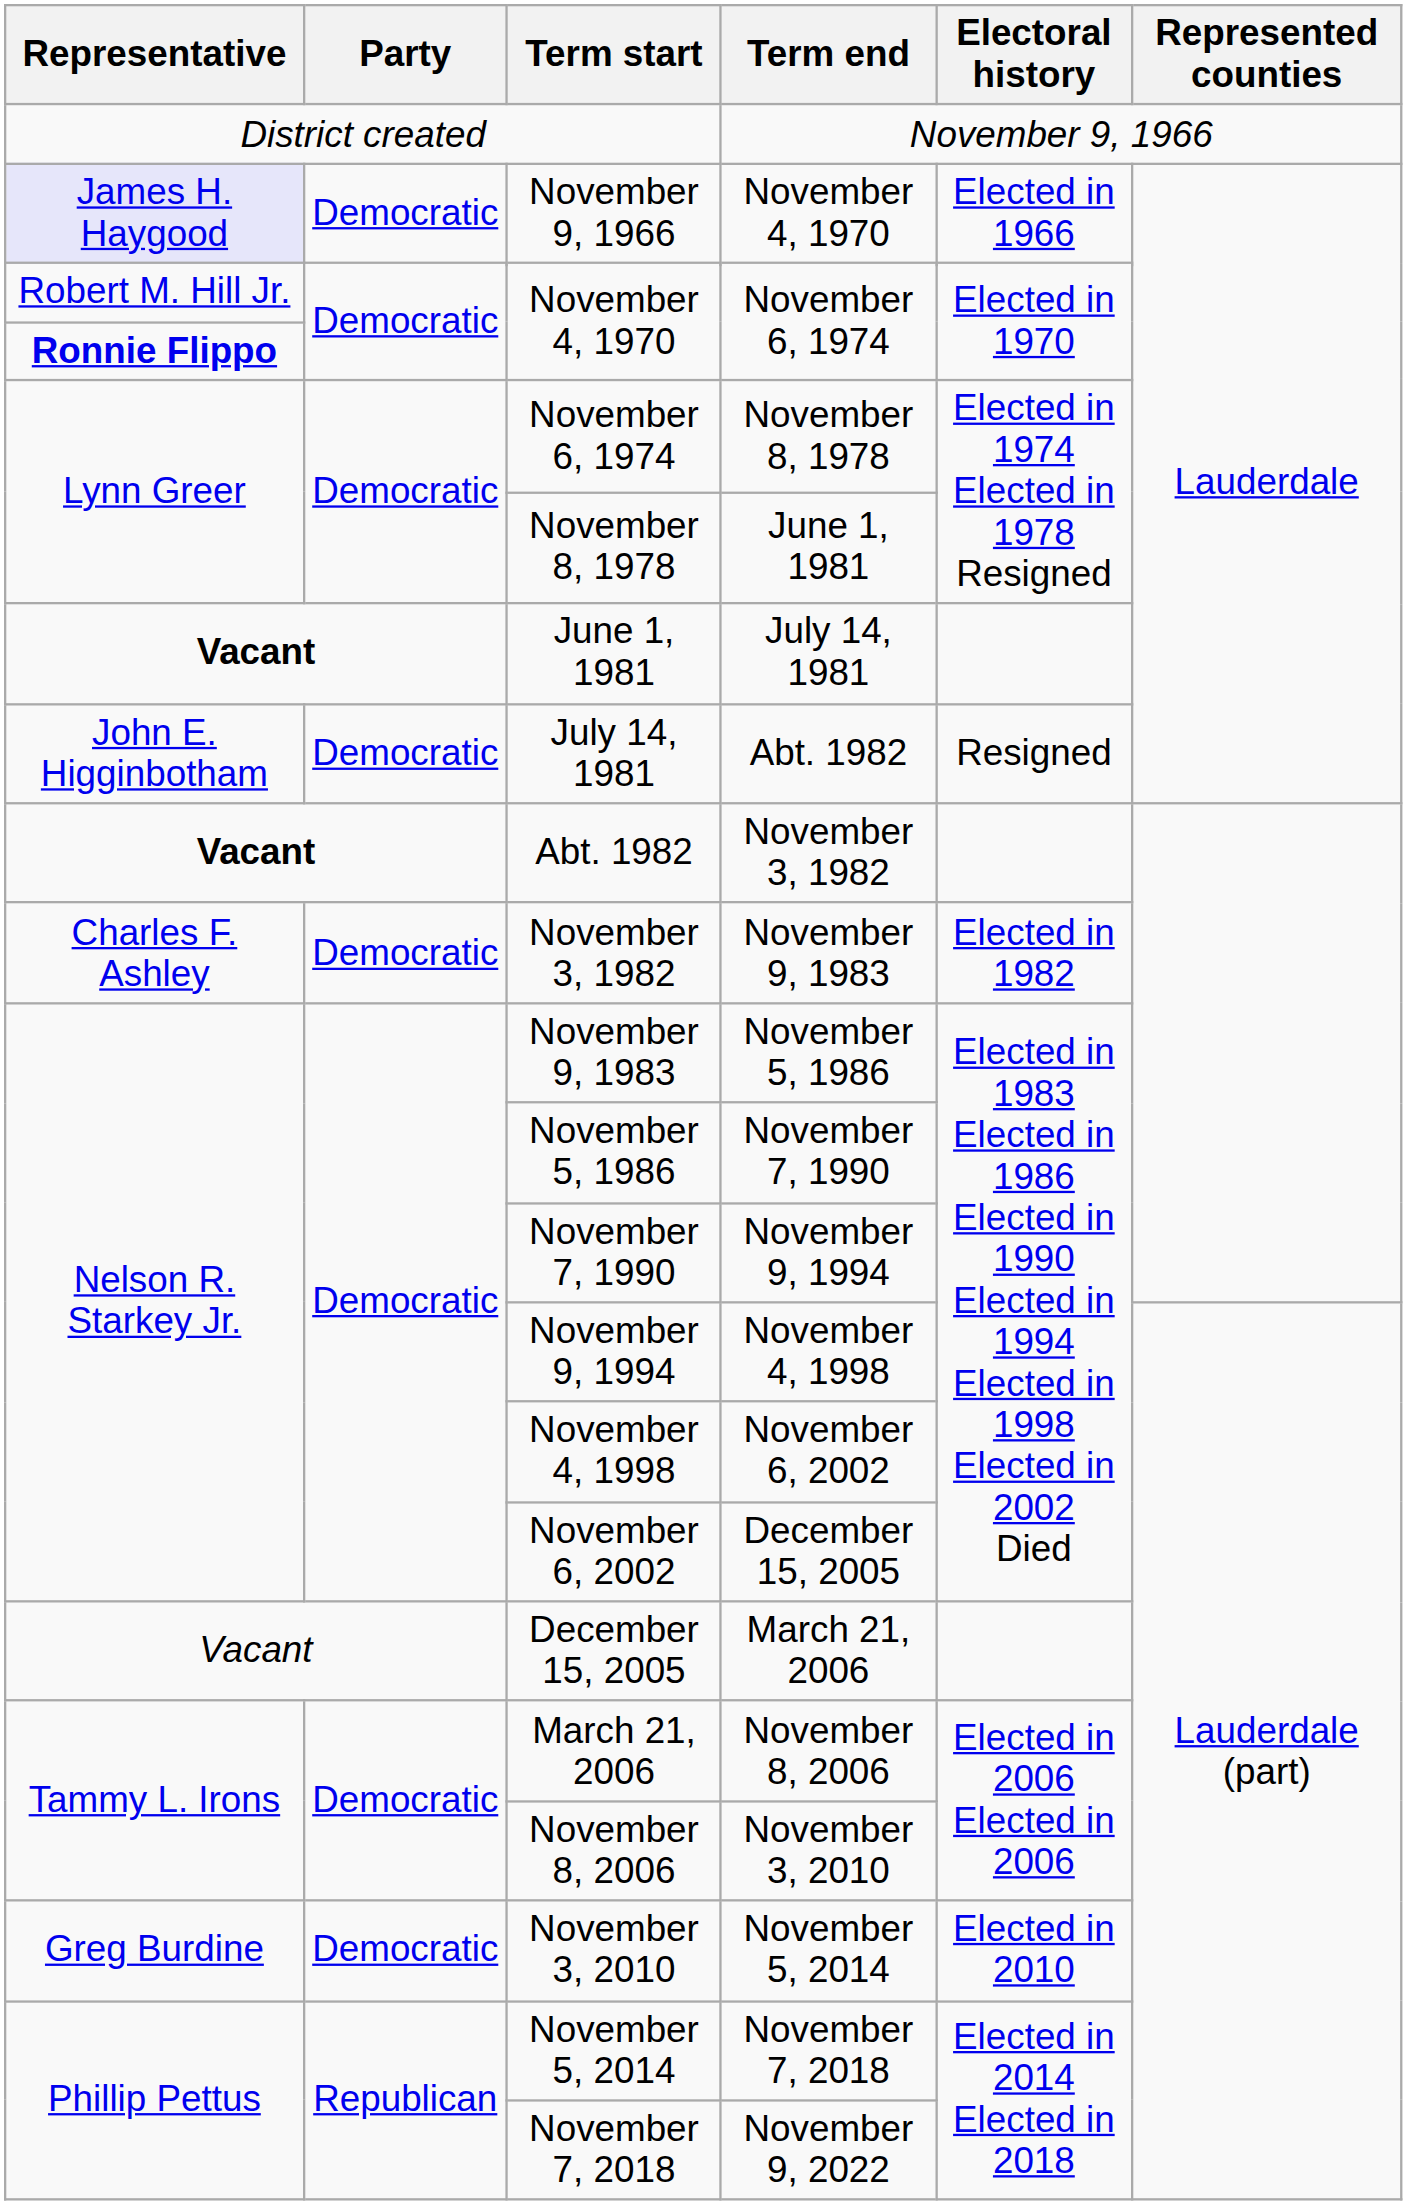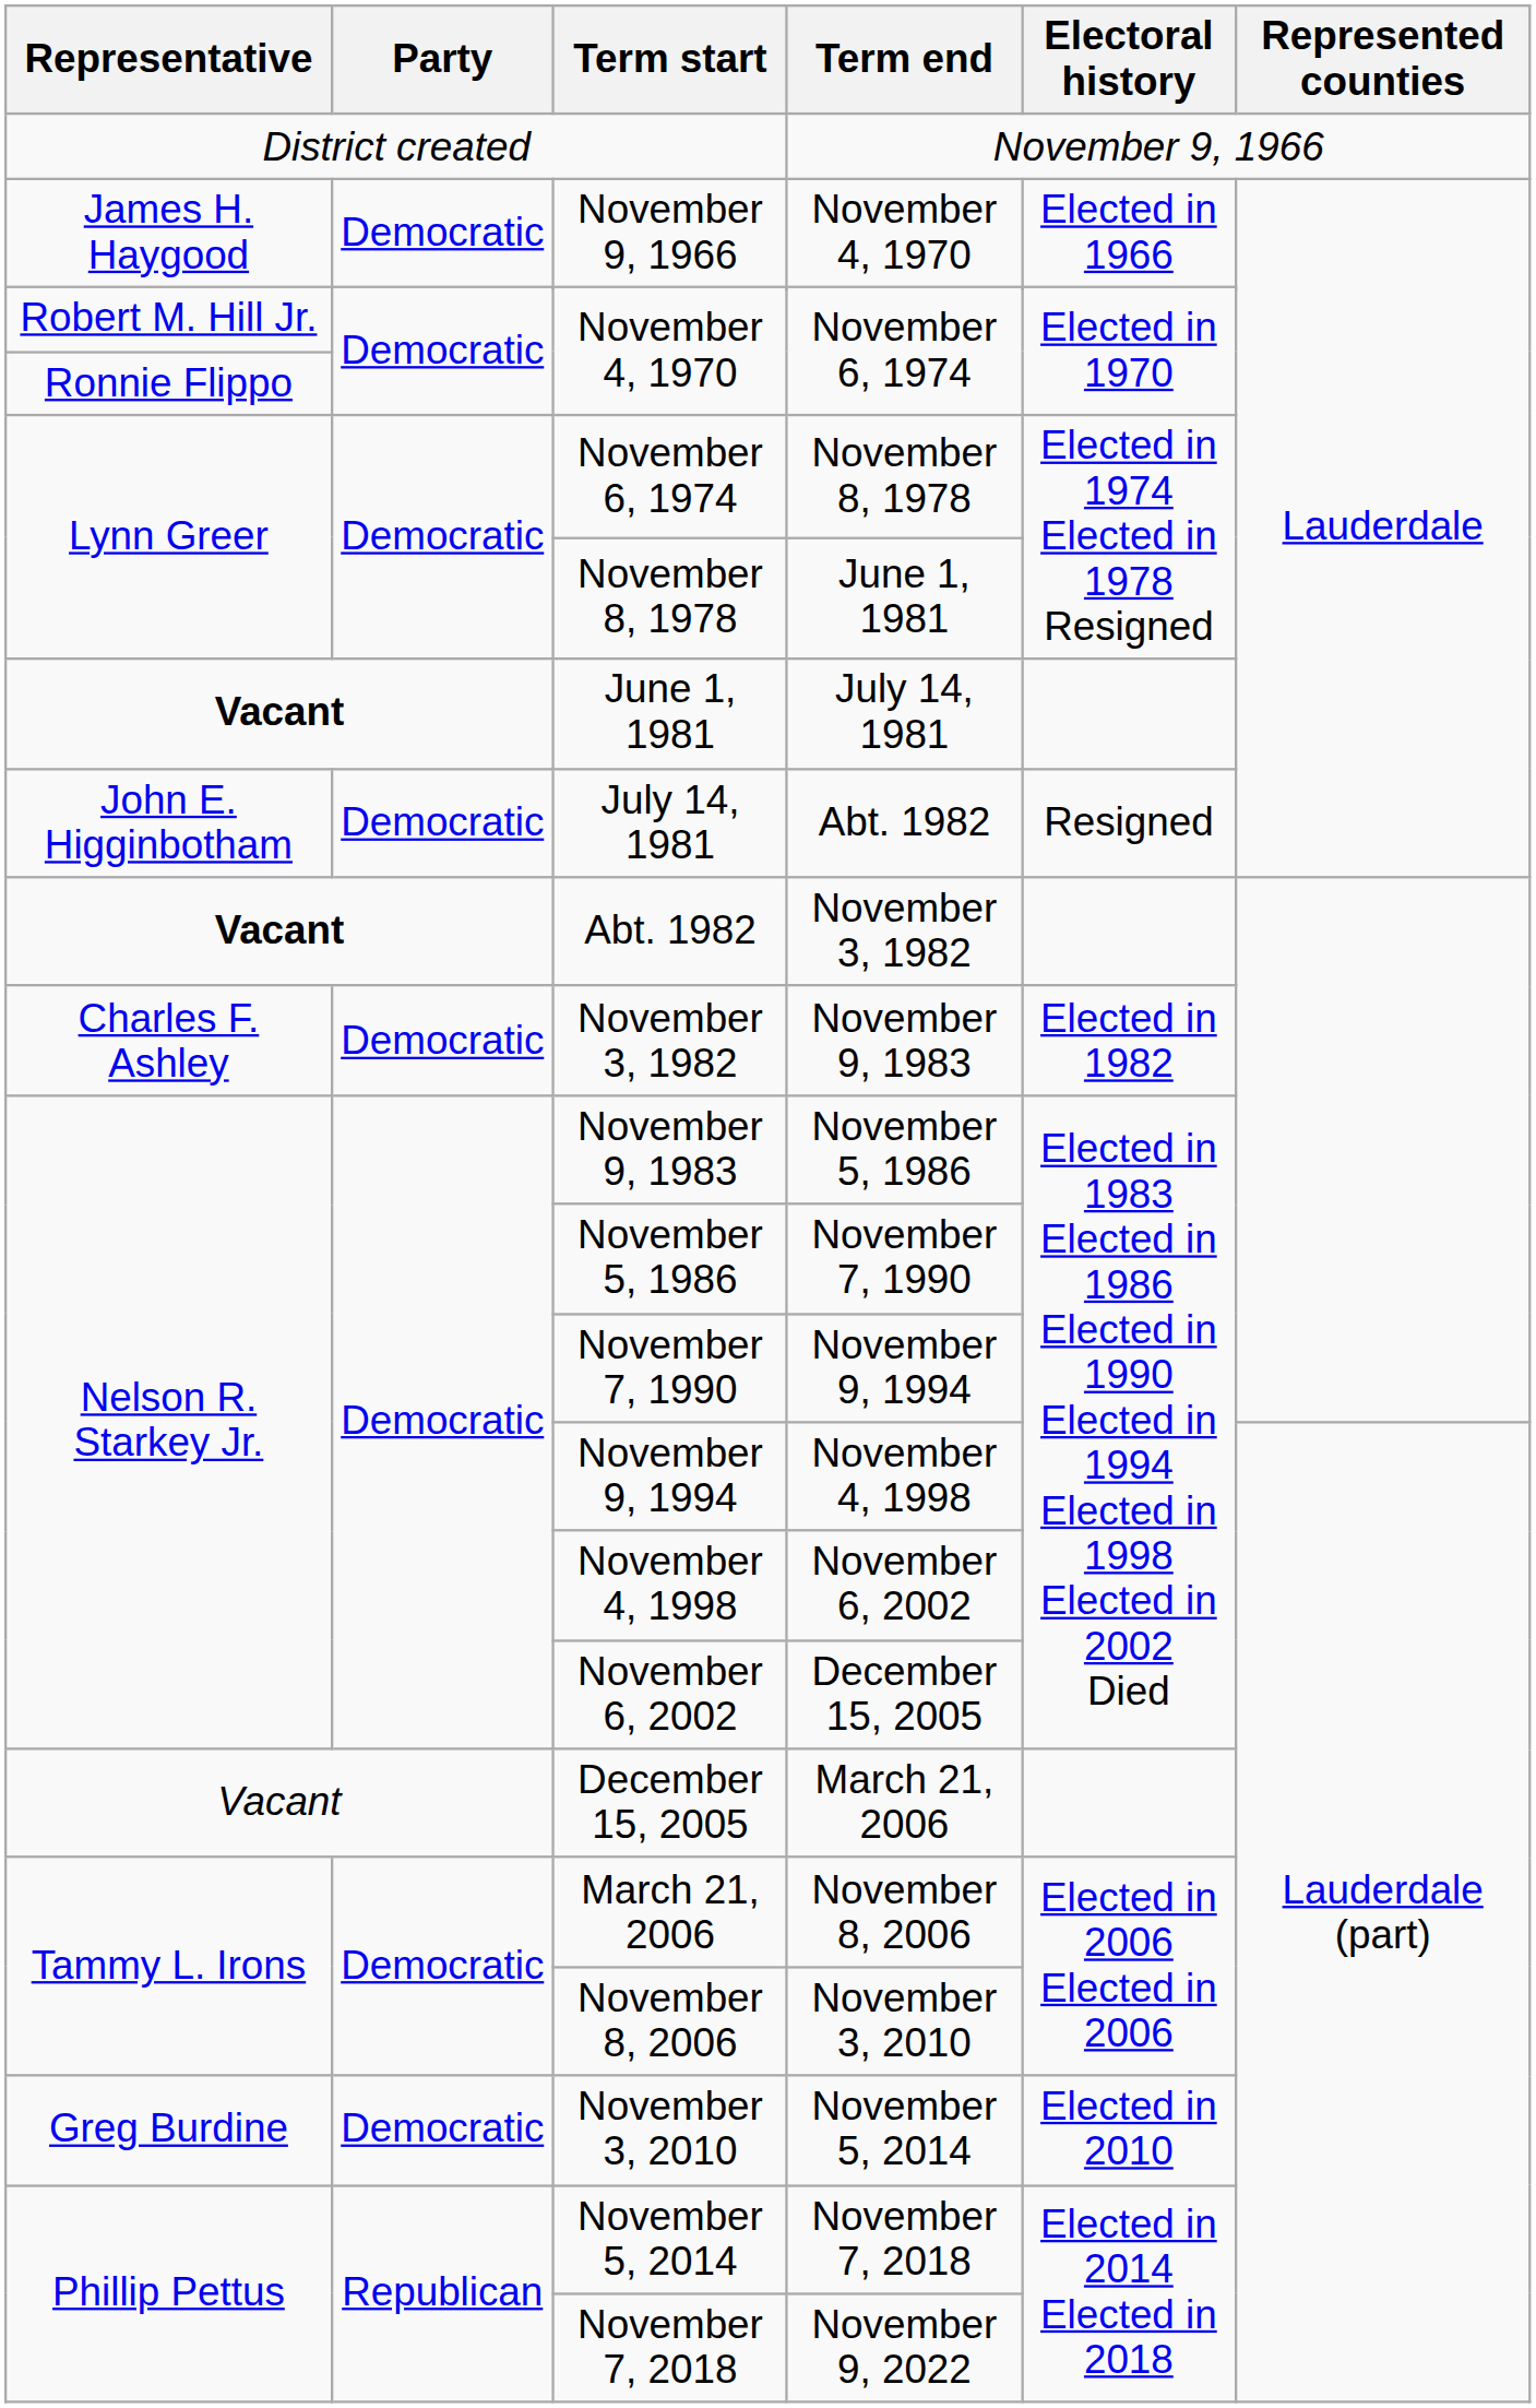 <table class="wikitable" style="text-align:center">
 <tr>
 <th>Representative</th>
 <th>Party</th>
 <th>Term start</th>
 <th>Term end</th>
 <th>Electoral history</th>
 <th>Represented counties</th>
 </tr>
 <tr>
 <td colspan=3><em>District created</em></td>
 <td colspan=3><em>November 9, 1966</em></td>
 </tr>
 <tr>
-<td style="background: lavender;"><a href='#'>James H. Haygood</a></td>
+<td><a href='#'>James H. Haygood</a></td>
 <td rowspan=2><a href='#'>Democratic</a></td>
 <td rowspan=2>November 9, 1966</td>
 <td rowspan=2>November 4, 1970</td>
 <td rowspan=2><a href='#'>Elected in 1966</a></td>
 <td rowspan=8><a href='#'>Lauderdale</a></td>
 </tr>
 <tr>
 <td rowspan=2><a href='#'>Robert M. Hill Jr.</a></td>
 </tr>
 <tr>
 <td rowspan=2><a href='#'>Democratic</a></td>
 <td rowspan=2>November 4, 1970</td>
 <td rowspan=2>November 6, 1974</td>
 <td rowspan=2><a href='#'>Elected in 1970</a></td>
 </tr>
 <tr>
-<td><strong><a href='#'>Ronnie Flippo</a></strong></td>
+<td><a href='#'>Ronnie Flippo</a></td>
 </tr>
 <tr>
 <td rowspan=2><a href='#'>Lynn Greer</a></td>
 <td rowspan=2><a href='#'>Democratic</a></td>
 <td>November 6, 1974</td>
 <td>November 8, 1978</td>
 <td rowspan=2><a href='#'>Elected in 1974</a><br><a href='#'>Elected in 1978</a><br>Resigned</td>
 </tr>
 <tr>
 <td>November 8, 1978</td>
 <td>June 1, 1981</td>
 </tr>
 <tr>
 <td colspan=2><strong>Vacant</strong></td>
 <td>June 1, 1981</td>
 <td>July 14, 1981</td>
 <td></td>
 </tr>
 <tr>
 <td><a href='#'>John E. Higginbotham</a></td>
 <td><a href='#'>Democratic</a></td>
 <td>July 14, 1981</td>
 <td>Abt. 1982</td>
 <td>Resigned</td>
 </tr>
 <tr>
 <td colspan=2><strong>Vacant</strong></td>
 <td>Abt. 1982</td>
 <td>November 3, 1982</td>
 <td></td>
 <td rowspan=5></td>
 </tr>
 <tr>
 <td><a href='#'>Charles F. Ashley</a></td>
 <td><a href='#'>Democratic</a></td>
 <td>November 3, 1982</td>
 <td>November 9, 1983</td>
 <td><a href='#'>Elected in 1982</a></td>
 </tr>
 <tr>
 <td rowspan=6><a href='#'>Nelson R. Starkey Jr.</a></td>
 <td rowspan=6><a href='#'>Democratic</a></td>
 <td>November 9, 1983</td>
 <td>November 5, 1986</td>
 <td rowspan=6><a href='#'>Elected in 1983</a><br><a href='#'>Elected in 1986</a><br><a href='#'>Elected in 1990</a><br><a href='#'>Elected in 1994</a><br><a href='#'>Elected in 1998</a><br><a href='#'>Elected in 2002</a><br>Died</td>
 </tr>
 <tr>
 <td>November 5, 1986</td>
 <td>November 7, 1990</td>
 </tr>
 <tr>
 <td>November 7, 1990</td>
 <td>November 9, 1994</td>
 </tr>
 <tr>
 <td>November 9, 1994</td>
 <td>November 4, 1998</td>
 <td rowspan=9><a href='#'>Lauderdale</a> (part)</td>
 </tr>
 <tr>
 <td>November 4, 1998</td>
 <td>November 6, 2002</td>
 </tr>
 <tr>
 <td>November 6, 2002</td>
 <td>December 15, 2005</td>
 </tr>
 <tr>
 <td colspan=2><em>Vacant</em></td>
 <td>December 15, 2005</td>
 <td>March 21, 2006</td>
 <td></td>
 </tr>
 <tr>
 <td rowspan=2><a href='#'>Tammy L. Irons</a></td>
 <td rowspan=2><a href='#'>Democratic</a></td>
 <td>March 21, 2006</td>
 <td>November 8, 2006</td>
 <td rowspan=2><a href='#'>Elected in 2006</a><br><a href='#'>Elected in 2006</a></td>
 </tr>
 <tr>
 <td>November 8, 2006</td>
 <td>November 3, 2010</td>
 </tr>
 <tr>
 <td><a href='#'>Greg Burdine</a></td>
 <td><a href='#'>Democratic</a></td>
 <td>November 3, 2010</td>
 <td>November 5, 2014</td>
 <td><a href='#'>Elected in 2010</a></td>
 </tr>
 <tr>
 <td rowspan=2><a href='#'>Phillip Pettus</a></td>
 <td rowspan=2><a href='#'>Republican</a></td>
 <td>November 5, 2014</td>
 <td>November 7, 2018</td>
 <td rowspan=2><a href='#'>Elected in 2014</a><br><a href='#'>Elected in 2018</a></td>
 </tr>
 <tr>
 <td>November 7, 2018</td>
 <td>November 9, 2022</td>
 </tr>
 </table>
